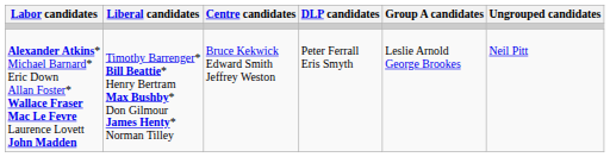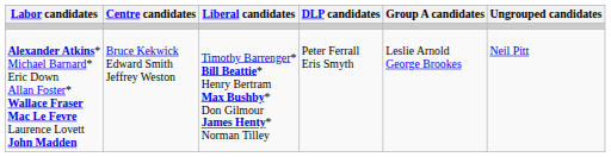 <table class="wikitable">
 <tr>
 <th><a href='#'>Labor</a> candidates</th>
+<th><a href='#'>Centre</a> candidates</th>
 <th><a href='#'>Liberal</a> candidates</th>
-<th><a href='#'>Centre</a> candidates</th>
 <th><a href='#'>DLP</a> candidates</th>
 <th>Group A candidates</th>
 <th>Ungrouped candidates</th>
 </tr>
 <tr bgcolor="#cccccc">
 <td></td>
 <td></td>
 <td></td>
 <td></td>
 <td></td>
 <td></td>
 </tr>
 <tr>
 <td><br><strong><a href='#'>Alexander Atkins</a></strong>*<br> <a href='#'>Michael Barnard</a>*<br> Eric Down<br> <a href='#'>Allan Foster</a>*<br> <strong><a href='#'>Wallace Fraser</a></strong><br> <strong><a href='#'>Mac Le Fevre</a></strong><br> Laurence Lovett<br> <strong><a href='#'>John Madden</a></strong></td>
+<td valign=top><br><a href='#'>Bruce Kekwick</a><br> Edward Smith<br> Jeffrey Weston</td>
 <td><br><a href='#'>Timothy Barrenger</a>*<br> <strong><a href='#'>Bill Beattie</a></strong>*<br> Henry Bertram<br> <strong><a href='#'>Max Bushby</a></strong>*<br> Don Gilmour<br> <strong><a href='#'>James Henty</a></strong>*<br> Norman Tilley</td>
-<td valign=top><br><a href='#'>Bruce Kekwick</a><br> Edward Smith<br> Jeffrey Weston</td>
 <td valign=top><br>Peter Ferrall<br> Eris Smyth</td>
 <td valign=top><br>Leslie Arnold<br> <a href='#'>George Brookes</a></td>
 <td valign=top><br><a href='#'>Neil Pitt</a></td>
 </tr>
 </table>
